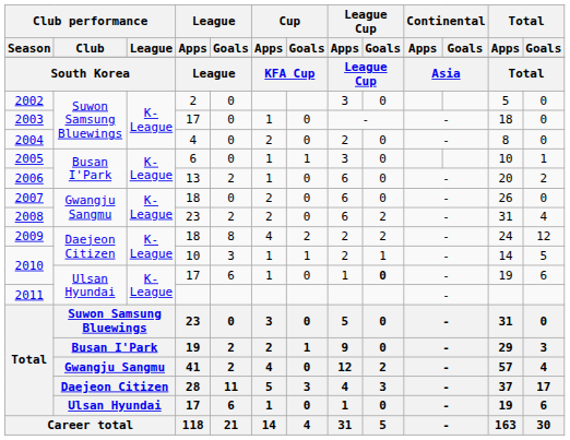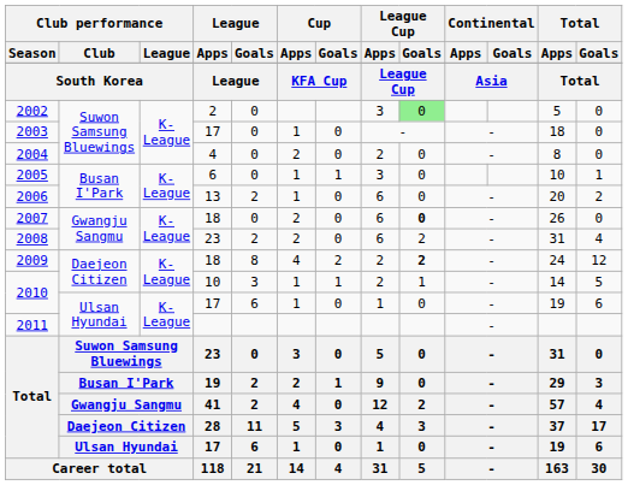 <table class="wikitable" style="text-align:center">
 <tr>
 <th colspan=3>Club performance</th>
 <th colspan=2>League</th>
 <th colspan=2>Cup</th>
 <th colspan=2>League Cup</th>
 <th colspan=2>Continental</th>
 <th colspan=2>Total</th>
 </tr>
 <tr>
 <th>Season</th>
 <th>Club</th>
 <th>League</th>
 <th>Apps</th>
 <th>Goals</th>
 <th>Apps</th>
 <th>Goals</th>
 <th>Apps</th>
 <th>Goals</th>
 <th>Apps</th>
 <th>Goals</th>
 <th>Apps</th>
 <th>Goals</th>
 </tr>
 <tr>
 </tr>
 <tr>
 <th colspan=3>South Korea</th>
 <th colspan=2>League</th>
 <th colspan=2><a href='#'>KFA Cup</a></th>
 <th colspan=2><a href='#'>League Cup</a></th>
 <th colspan=2><a href='#'>Asia</a></th>
 <th colspan=2>Total</th>
 </tr>
 <tr>
 <td><a href='#'>2002</a></td>
 <td rowspan="3"><a href='#'>Suwon Samsung Bluewings</a></td>
 <td rowspan="3"><a href='#'>K-League</a></td>
 <td>2</td>
 <td>0</td>
 <td></td>
 <td></td>
 <td>3</td>
-<td>0</td>
+<td style="background: lightgreen;">0</td>
 <td></td>
 <td></td>
 <td>5</td>
 <td>0</td>
 </tr>
 <tr>
 <td><a href='#'>2003</a></td>
 <td>17</td>
 <td>0</td>
 <td>1</td>
 <td>0</td>
 <td colspan="2">-</td>
 <td colspan="2">-</td>
 <td>18</td>
 <td>0</td>
 </tr>
 <tr>
 <td><a href='#'>2004</a></td>
 <td>4</td>
 <td>0</td>
 <td>2</td>
 <td>0</td>
 <td>2</td>
 <td>0</td>
 <td colspan="2">-</td>
 <td>8</td>
 <td>0</td>
 </tr>
 <tr>
 <td><a href='#'>2005</a></td>
 <td rowspan="2"><a href='#'>Busan I'Park</a></td>
 <td rowspan="2"><a href='#'>K-League</a></td>
 <td>6</td>
 <td>0</td>
 <td>1</td>
 <td>1</td>
 <td>3</td>
 <td>0</td>
 <td></td>
 <td></td>
 <td>10</td>
 <td>1</td>
 </tr>
 <tr>
 <td><a href='#'>2006</a></td>
 <td>13</td>
 <td>2</td>
 <td>1</td>
 <td>0</td>
 <td>6</td>
 <td>0</td>
 <td colspan="2">-</td>
 <td>20</td>
 <td>2</td>
 </tr>
 <tr>
 <td><a href='#'>2007</a></td>
 <td rowspan="2"><a href='#'>Gwangju Sangmu</a></td>
 <td rowspan="2"><a href='#'>K-League</a></td>
 <td>18</td>
 <td>0</td>
 <td>2</td>
 <td>0</td>
 <td>6</td>
-<td>0</td>
+<td><strong>0</strong></td>
 <td colspan="2">-</td>
 <td>26</td>
 <td>0</td>
 </tr>
 <tr>
 <td><a href='#'>2008</a></td>
 <td>23</td>
 <td>2</td>
 <td>2</td>
 <td>0</td>
 <td>6</td>
 <td>2</td>
 <td colspan="2">-</td>
 <td>31</td>
 <td>4</td>
 </tr>
 <tr>
 <td><a href='#'>2009</a></td>
 <td rowspan="2"><a href='#'>Daejeon Citizen</a></td>
 <td rowspan="2"><a href='#'>K-League</a></td>
 <td>18</td>
 <td>8</td>
 <td>4</td>
 <td>2</td>
 <td>2</td>
-<td>2</td>
+<td><strong>2</strong></td>
 <td colspan="2">-</td>
 <td>24</td>
 <td>12</td>
 </tr>
 <tr>
 <td rowspan=2><a href='#'>2010</a></td>
 <td>10</td>
 <td>3</td>
 <td>1</td>
 <td>1</td>
 <td>2</td>
 <td>1</td>
 <td colspan="2">-</td>
 <td>14</td>
 <td>5</td>
 </tr>
 <tr>
 <td rowspan="2"><a href='#'>Ulsan Hyundai</a></td>
 <td rowspan="2"><a href='#'>K-League</a></td>
 <td>17</td>
 <td>6</td>
 <td>1</td>
 <td>0</td>
 <td>1</td>
-<td><strong>0</strong></td>
+<td>0</td>
 <td colspan="2">-</td>
 <td>19</td>
 <td>6</td>
 </tr>
 <tr>
 <td><a href='#'>2011</a></td>
 <td></td>
 <td></td>
 <td></td>
 <td></td>
 <td></td>
 <td></td>
 <td colspan="2">-</td>
 <td></td>
 <td></td>
 </tr>
 <tr>
 <th rowspan=5>Total</th>
 <th colspan=2><a href='#'>Suwon Samsung Bluewings</a></th>
 <th>23</th>
 <th>0</th>
 <th>3</th>
 <th>0</th>
 <th>5</th>
 <th>0</th>
 <th colspan="2">-</th>
 <th>31</th>
 <th>0</th>
 </tr>
 <tr>
 <th colspan=2><a href='#'>Busan I'Park</a></th>
 <th>19</th>
 <th>2</th>
 <th>2</th>
 <th>1</th>
 <th>9</th>
 <th>0</th>
 <th colspan="2">-</th>
 <th>29</th>
 <th>3</th>
 </tr>
 <tr>
 <th colspan=2><a href='#'>Gwangju Sangmu</a></th>
 <th>41</th>
 <th>2</th>
 <th>4</th>
 <th>0</th>
 <th>12</th>
 <th>2</th>
 <th colspan="2">-</th>
 <th>57</th>
 <th>4</th>
 </tr>
 <tr>
 <th colspan=2><a href='#'>Daejeon Citizen</a></th>
 <th>28</th>
 <th>11</th>
 <th>5</th>
 <th>3</th>
 <th>4</th>
 <th>3</th>
 <th colspan="2">-</th>
 <th>37</th>
 <th>17</th>
 </tr>
 <tr>
 <th colspan=2><a href='#'>Ulsan Hyundai</a></th>
 <th>17</th>
 <th>6</th>
 <th>1</th>
 <th>0</th>
 <th>1</th>
 <th>0</th>
 <th colspan="2">-</th>
 <th>19</th>
 <th>6</th>
 </tr>
 <tr>
 <th colspan=3>Career total</th>
 <th>118</th>
 <th>21</th>
 <th>14</th>
 <th>4</th>
 <th>31</th>
 <th>5</th>
 <th colspan="2">-</th>
 <th>163</th>
 <th>30</th>
 </tr>
 </table>
